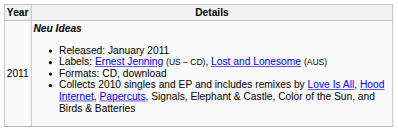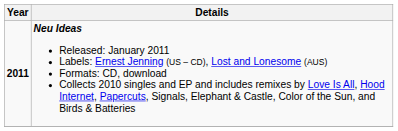 <table class="wikitable">
 <tr>
 <th>Year</th>
 <th>Details</th>
 </tr>
 <tr>
-<td>2011</td>
+<td><strong>2011</strong></td>
 <td><strong><em>Neu Ideas</em></strong><br><ul><li>Released: January 2011</li><li>Labels: <a href='#'>Ernest Jenning</a> <small>(US – CD)</small>, <a href='#'>Lost and Lonesome</a> <small>(AUS)</small></li><li>Formats: CD, download</li><li>Collects 2010 singles and EP and includes remixes by <a href='#'>Love Is All</a>, <a href='#'>Hood Internet</a>, <a href='#'>Papercuts</a>, Signals, Elephant & Castle, Color of the Sun, and Birds & Batteries</li></ul></td>
 </tr>
 <tr>
 </tr>
 </table>
